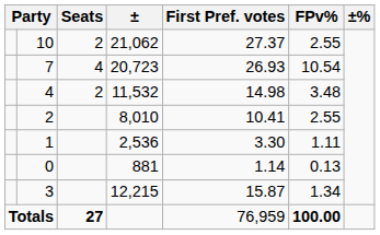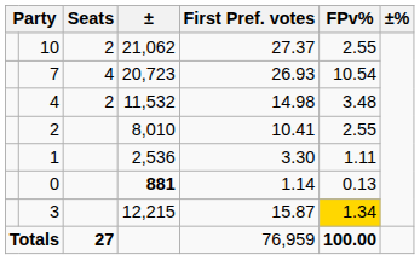 <table class=wikitable>
 <tr>
 <th colspan=2 align=center>Party</th>
 <th valign=top>Seats</th>
 <th valign=top>±</th>
 <th valign=top>First Pref. votes</th>
 <th valign=top>FPv%</th>
 <th valign=top>±%</th>
 </tr>
 <tr>
 <td></td>
 <td align=right>10</td>
 <td align=right> 2</td>
 <td align=right>21,062</td>
 <td align=right>27.37</td>
 <td align=right>2.55</td>
 </tr>
 <tr>
 <td></td>
 <td align=right>7</td>
 <td align=right> 4</td>
 <td align=right>20,723</td>
 <td align=right>26.93</td>
 <td align=right>10.54</td>
 </tr>
 <tr>
 <td></td>
 <td align=right>4</td>
 <td align=right> 2</td>
 <td align=right>11,532</td>
 <td align=right>14.98</td>
 <td align=right>3.48</td>
 </tr>
 <tr>
 <td></td>
 <td align=right>2</td>
 <td align=right></td>
 <td align=right>8,010</td>
 <td align=right>10.41</td>
 <td align=right>2.55</td>
 </tr>
 <tr>
 <td></td>
 <td align=right>1</td>
 <td align=right></td>
 <td align=right>2,536</td>
 <td align=right>3.30</td>
 <td align=right>1.11</td>
 </tr>
 <tr>
 <td></td>
 <td align=right>0</td>
 <td align=right></td>
-<td align=right>881</td>
+<td align=right><strong>881</strong></td>
 <td align=right>1.14</td>
 <td align=right>0.13</td>
 </tr>
 <tr>
 <td></td>
 <td align=right>3</td>
 <td align=right></td>
 <td align=right>12,215</td>
 <td align=right>15.87</td>
-<td align=right>1.34</td>
+<td align=right style="background: gold;">1.34</td>
 </tr>
 <tr>
 <td colspan=2 align=center><strong>Totals</strong></td>
 <td align=right><strong>27</strong></td>
 <td align=center></td>
 <td align=right>76,959</td>
 <td align=center><strong>100.00</strong></td>
 <td align=center></td>
 </tr>
 </table>
